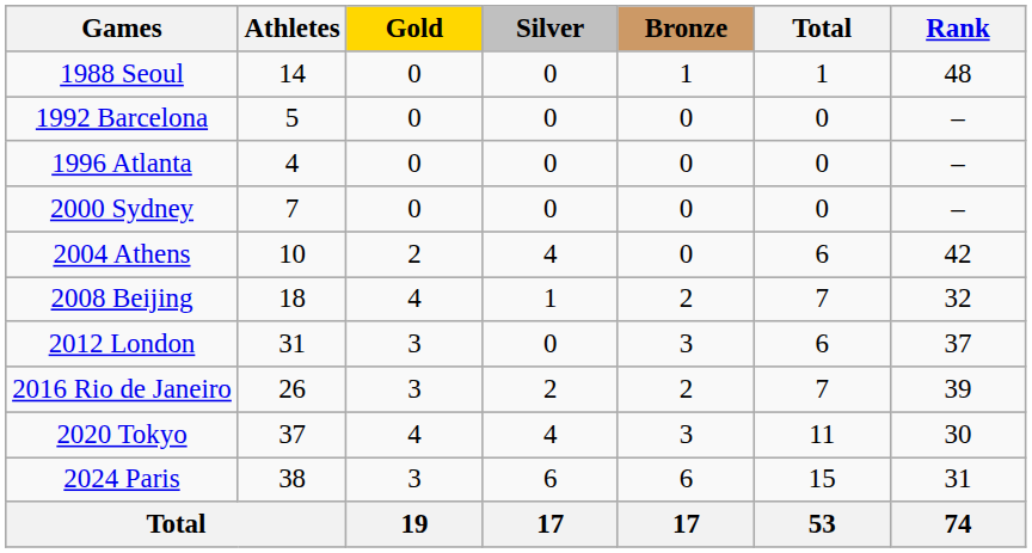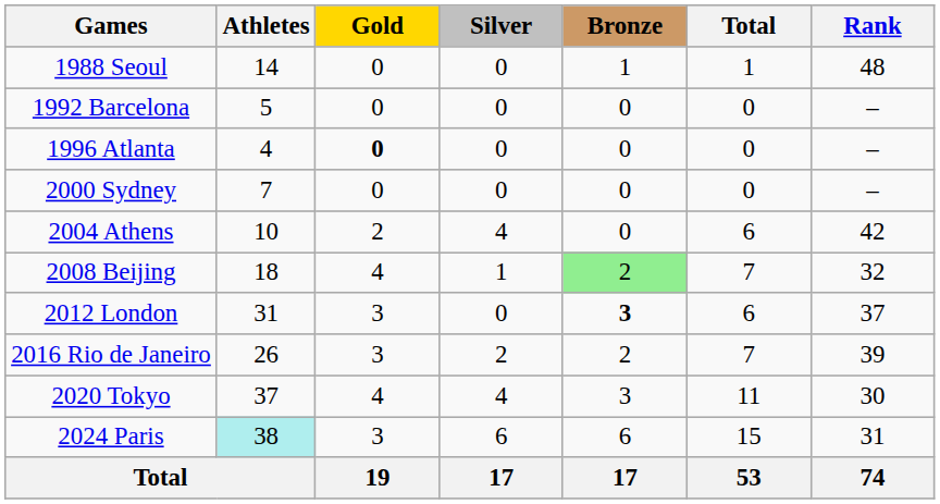 <table class="wikitable" style="text-align:center; font-size:90%;">
 <tr>
 <th>Games</th>
 <th>Athletes</th>
 <td style="background:gold; width:4.5em; font-weight:bold;">Gold</td>
 <td style="background:silver; width:4.5em; font-weight:bold;">Silver</td>
 <td style="background:#cc9966; width:4.5em; font-weight:bold;">Bronze</td>
 <th style="width:4.5em; font-weight:bold;">Total</th>
 <th style="width:4.5em; font-weight:bold;"><a href='#'>Rank</a></th>
 </tr>
 <tr>
 <td><a href='#'>1988 Seoul</a></td>
 <td>14</td>
 <td>0</td>
 <td>0</td>
 <td>1</td>
 <td>1</td>
 <td>48</td>
 </tr>
 <tr>
 <td><a href='#'>1992 Barcelona</a></td>
 <td>5</td>
 <td>0</td>
 <td>0</td>
 <td>0</td>
 <td>0</td>
 <td>–</td>
 </tr>
 <tr>
 <td><a href='#'>1996 Atlanta</a></td>
 <td>4</td>
-<td>0</td>
+<td><strong>0</strong></td>
 <td>0</td>
 <td>0</td>
 <td>0</td>
 <td>–</td>
 </tr>
 <tr>
 <td><a href='#'>2000 Sydney</a></td>
 <td>7</td>
 <td>0</td>
 <td>0</td>
 <td>0</td>
 <td>0</td>
 <td>–</td>
 </tr>
 <tr>
 <td><a href='#'>2004 Athens</a></td>
 <td>10</td>
 <td>2</td>
 <td>4</td>
 <td>0</td>
 <td>6</td>
 <td>42</td>
 </tr>
 <tr>
 <td><a href='#'>2008 Beijing</a></td>
 <td>18</td>
 <td>4</td>
 <td>1</td>
-<td>2</td>
+<td style="background: lightgreen;">2</td>
 <td>7</td>
 <td>32</td>
 </tr>
 <tr>
 <td><a href='#'>2012 London</a></td>
 <td>31</td>
 <td>3</td>
 <td>0</td>
-<td>3</td>
+<td><strong>3</strong></td>
 <td>6</td>
 <td>37</td>
 </tr>
 <tr>
 <td><a href='#'>2016 Rio de Janeiro</a></td>
 <td>26</td>
 <td>3</td>
 <td>2</td>
 <td>2</td>
 <td>7</td>
 <td>39</td>
 </tr>
 <tr>
 <td><a href='#'>2020 Tokyo</a></td>
 <td>37</td>
 <td>4</td>
 <td>4</td>
 <td>3</td>
 <td>11</td>
 <td>30</td>
 </tr>
 <tr>
 <td><a href='#'>2024 Paris</a></td>
-<td>38</td>
+<td style="background: paleturquoise;">38</td>
 <td>3</td>
 <td>6</td>
 <td>6</td>
 <td>15</td>
 <td>31</td>
 </tr>
 <tr>
 <th colspan=2>Total</th>
 <th>19</th>
 <th>17</th>
 <th>17</th>
 <th>53</th>
 <th>74</th>
 </tr>
 </table>
